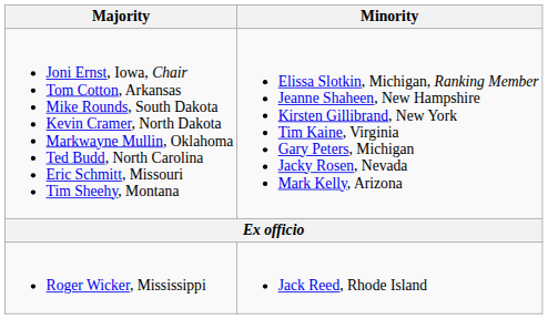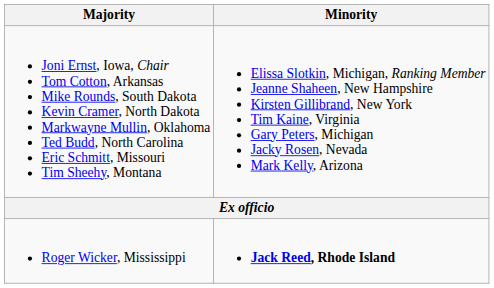 <table class=wikitable>
 <tr>
 <th>Majority</th>
 <th>Minority</th>
 </tr>
 <tr>
 <td><br><ul><li><a href='#'>Joni Ernst</a>, Iowa, <em>Chair</em></li><li><a href='#'>Tom Cotton</a>, Arkansas</li><li><a href='#'>Mike Rounds</a>, South Dakota</li><li><a href='#'>Kevin Cramer</a>, North Dakota</li><li><a href='#'>Markwayne Mullin</a>, Oklahoma</li><li><a href='#'>Ted Budd</a>, North Carolina</li><li><a href='#'>Eric Schmitt</a>, Missouri</li><li><a href='#'>Tim Sheehy</a>, Montana</li></ul></td>
 <td><br><ul><li><a href='#'>Elissa Slotkin</a>, Michigan, <em>Ranking Member</em></li><li><a href='#'>Jeanne Shaheen</a>, New Hampshire</li><li><a href='#'>Kirsten Gillibrand</a>, New York</li><li><a href='#'>Tim Kaine</a>, Virginia</li><li><a href='#'>Gary Peters</a>, Michigan</li><li><a href='#'>Jacky Rosen</a>, Nevada</li><li><a href='#'>Mark Kelly</a>, Arizona</li></ul></td>
 </tr>
 <tr>
 <th colspan=2><em>Ex officio</em></th>
 </tr>
 <tr>
 <td><br><ul><li><a href='#'>Roger Wicker</a>, Mississippi</li></ul></td>
-<td><br><ul><li><a href='#'>Jack Reed</a>, Rhode Island</li></ul></td>
+<td><strong><br><ul><li><a href='#'>Jack Reed</a>, Rhode Island</li></ul></strong></td>
 </tr>
 </table>
